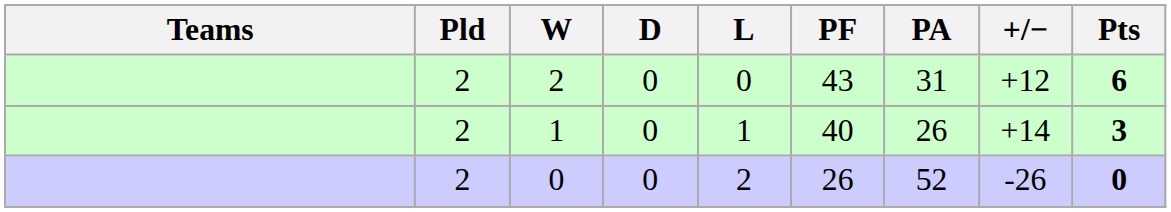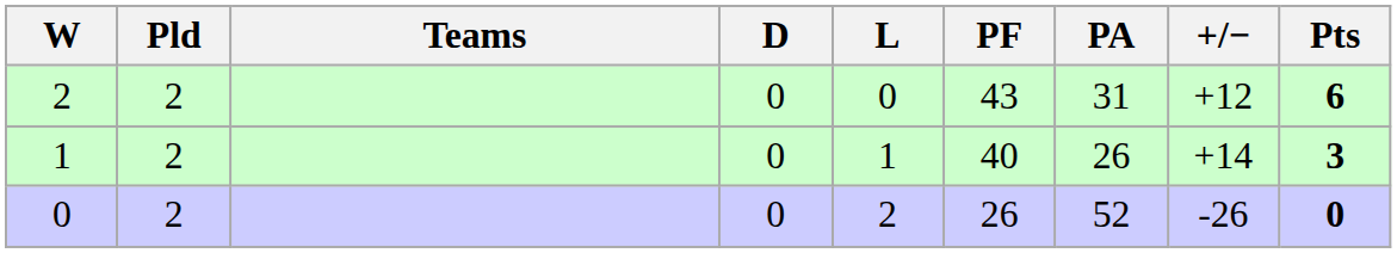 <table class="wikitable" style="text-align:center;">
 <tr>
+<th width="40">W</th>
+<th width="40">Pld</th>
 <th width="200">Teams</th>
-<th width="40">Pld</th>
-<th width="40">W</th>
 <th width="40">D</th>
 <th width="40">L</th>
 <th width="40">PF</th>
 <th width="40">PA</th>
 <th width="40">+/−</th>
 <th width="40">Pts</th>
 </tr>
 <tr bgcolor=ccffcc>
-<td align=left></td>
 <td>2</td>
 <td>2</td>
+<td align=left></td>
 <td>0</td>
 <td>0</td>
 <td>43</td>
 <td>31</td>
 <td>+12</td>
 <td><strong>6</strong></td>
 </tr>
 <tr bgcolor=ccffcc>
+<td>1</td>
+<td>2</td>
 <td align=left></td>
-<td>2</td>
-<td>1</td>
 <td>0</td>
 <td>1</td>
 <td>40</td>
 <td>26</td>
 <td>+14</td>
 <td><strong>3</strong></td>
 </tr>
 <tr bgcolor=ccccff>
+<td>0</td>
+<td>2</td>
 <td align=left></td>
-<td>2</td>
-<td>0</td>
 <td>0</td>
 <td>2</td>
 <td>26</td>
 <td>52</td>
 <td>-26</td>
 <td><strong>0</strong></td>
 </tr>
 </table>
